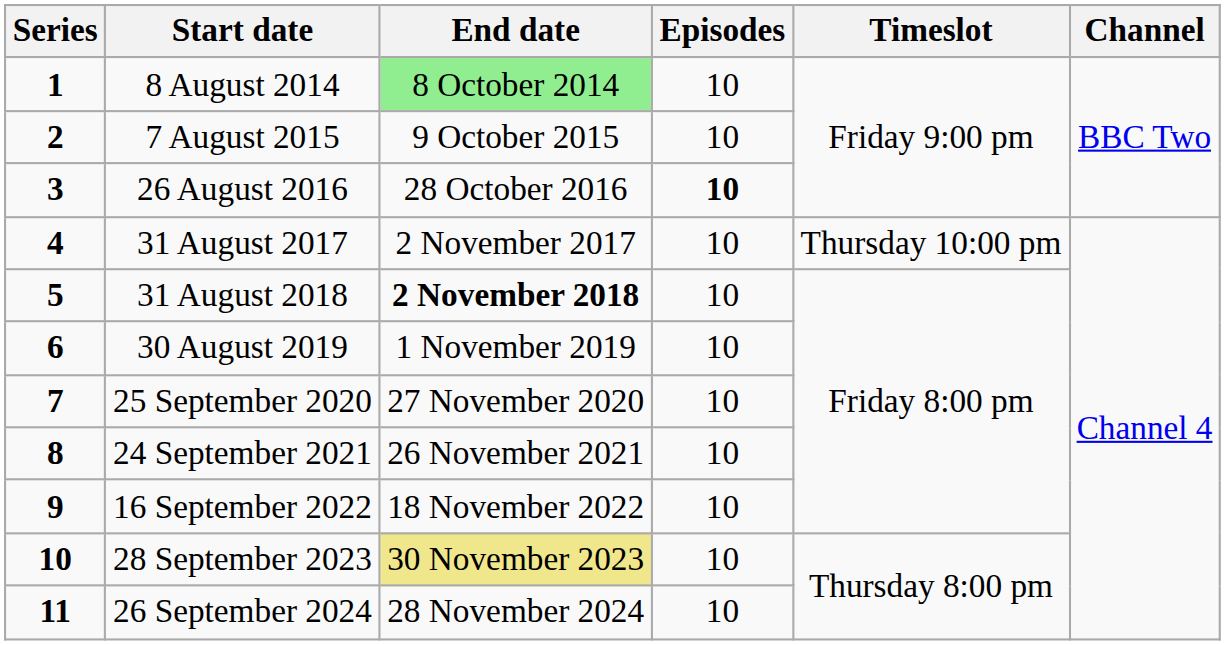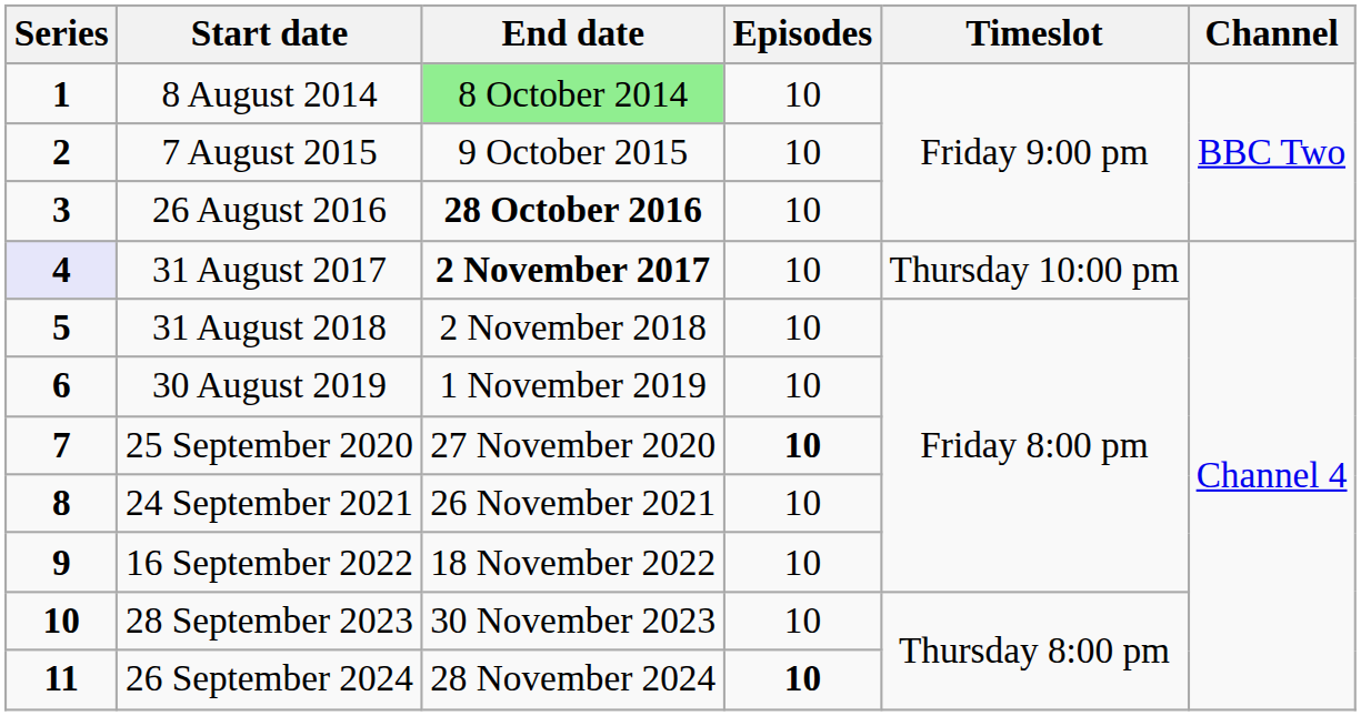 <table class="wikitable" style="text-align:center;">
 <tr>
 <th>Series</th>
 <th>Start date</th>
 <th>End date</th>
 <th>Episodes</th>
 <th>Timeslot</th>
 <th>Channel</th>
 </tr>
 <tr>
 <td><strong>1</strong></td>
 <td>8 August 2014</td>
 <td style="background: lightgreen;">8 October 2014</td>
 <td>10</td>
 <td rowspan="3">Friday 9:00 pm</td>
 <td rowspan="3"><a href='#'>BBC Two</a></td>
 </tr>
 <tr>
 <td><strong>2</strong></td>
 <td>7 August 2015</td>
 <td>9 October 2015</td>
 <td>10</td>
 </tr>
 <tr>
 <td><strong>3</strong></td>
 <td>26 August 2016</td>
-<td>28 October 2016</td>
-<td><strong>10</strong></td>
+<td><strong>28 October 2016</strong></td>
+<td>10</td>
 </tr>
 <tr>
-<td><strong>4</strong></td>
+<td style="background: lavender;"><strong>4</strong></td>
 <td>31 August 2017</td>
-<td>2 November 2017</td>
+<td><strong>2 November 2017</strong></td>
 <td>10</td>
 <td>Thursday 10:00 pm</td>
 <td rowspan="8"><a href='#'>Channel 4</a></td>
 </tr>
 <tr>
 <td><strong>5</strong></td>
 <td>31 August 2018</td>
-<td><strong>2 November 2018</strong></td>
+<td>2 November 2018</td>
 <td>10</td>
 <td rowspan="5">Friday 8:00 pm</td>
 </tr>
 <tr>
 <td><strong>6</strong></td>
 <td>30 August 2019</td>
 <td>1 November 2019</td>
 <td>10</td>
 </tr>
 <tr>
 <td><strong>7</strong></td>
 <td>25 September 2020</td>
 <td>27 November 2020</td>
-<td>10</td>
+<td><strong>10</strong></td>
 </tr>
 <tr>
 <td><strong>8</strong></td>
 <td>24 September 2021</td>
 <td>26 November 2021</td>
 <td>10</td>
 </tr>
 <tr>
 <td><strong>9</strong></td>
 <td>16 September 2022</td>
 <td>18 November 2022</td>
 <td>10</td>
 </tr>
 <tr>
 <td><strong>10</strong></td>
 <td>28 September 2023</td>
-<td style="background: khaki;">30 November 2023</td>
+<td>30 November 2023</td>
 <td>10</td>
 <td rowspan="2">Thursday 8:00 pm</td>
 </tr>
 <tr>
 <td><strong>11</strong></td>
 <td>26 September 2024</td>
 <td>28 November 2024</td>
-<td>10</td>
+<td><strong>10</strong></td>
 </tr>
 </table>
